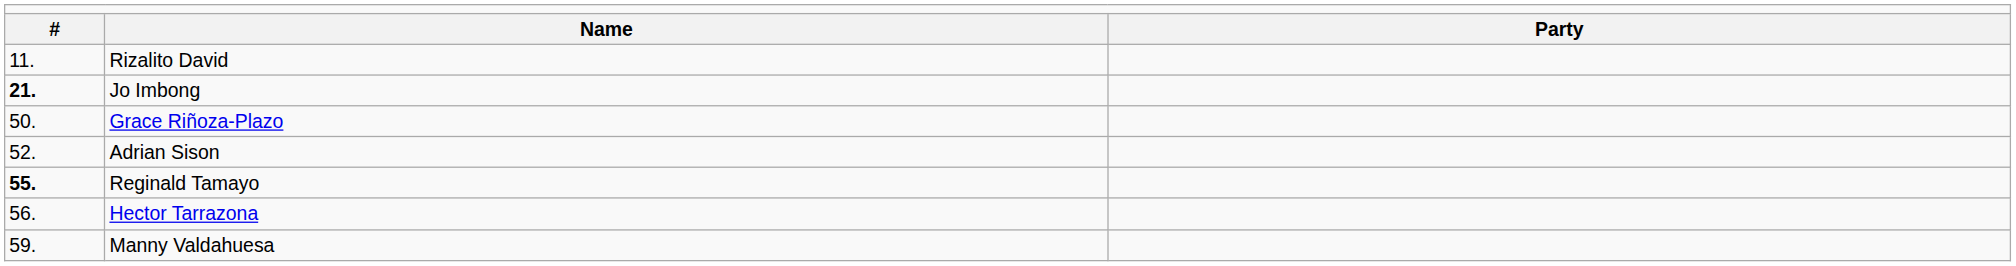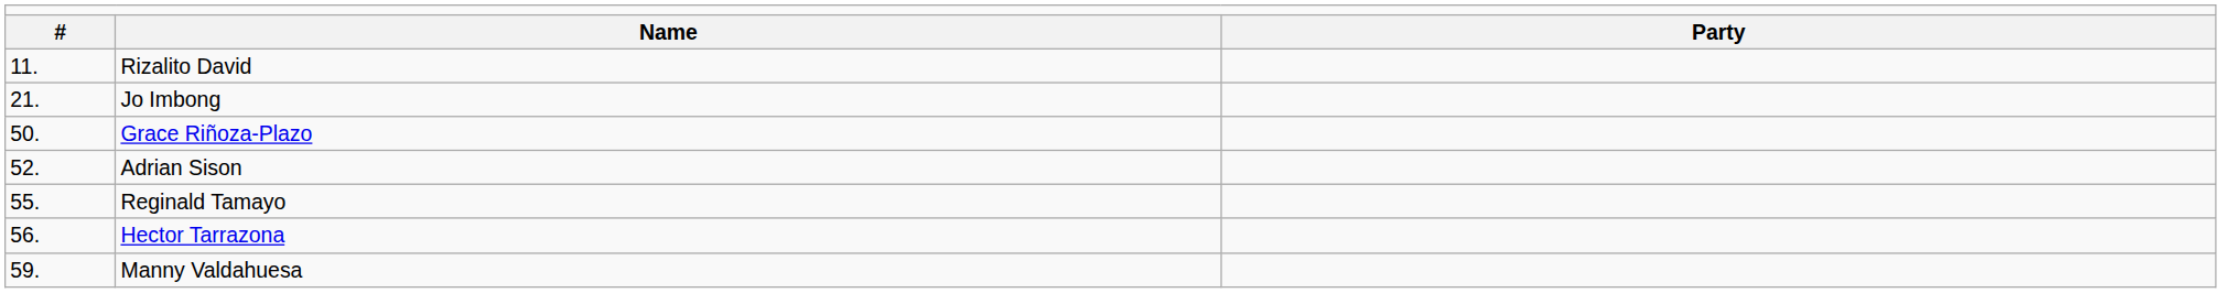 <table class=wikitable width=99% style="font-size:95%">
 <tr>
 <td colspan=4 bgcolor=></td>
 </tr>
 <tr>
 <th width=5%>#</th>
 <th width=50%>Name</th>
 <th colspan=2>Party</th>
 </tr>
 <tr>
 <td>11.</td>
 <td>Rizalito David</td>
 <td></td>
 </tr>
 <tr>
-<td><strong>21.</strong></td>
+<td>21.</td>
 <td>Jo Imbong</td>
 <td></td>
 </tr>
 <tr>
 <td>50.</td>
 <td><a href='#'>Grace Riñoza-Plazo</a></td>
 <td></td>
 </tr>
 <tr>
 <td>52.</td>
 <td>Adrian Sison</td>
 <td></td>
 </tr>
 <tr>
-<td><strong>55.</strong></td>
+<td>55.</td>
 <td>Reginald Tamayo</td>
 <td></td>
 </tr>
 <tr>
 <td>56.</td>
 <td><a href='#'>Hector Tarrazona</a></td>
 <td></td>
 </tr>
 <tr>
 <td>59.</td>
 <td>Manny Valdahuesa</td>
 <td></td>
 </tr>
 </table>
